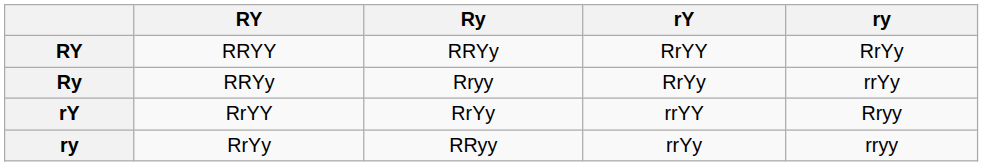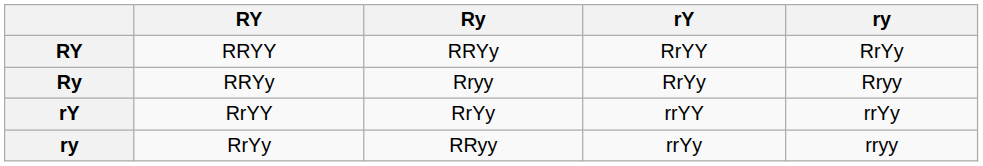 <table class="wikitable" style="text-align:center; width:50%">
 <tr>
 <th></th>
 <th>RY</th>
 <th>Ry</th>
 <th>rY</th>
 <th>ry</th>
 </tr>
 <tr>
 <th>RY</th>
 <td>RRYY</td>
 <td>RRYy</td>
 <td>RrYY</td>
 <td>RrYy</td>
 </tr>
 <tr>
 <th>Ry</th>
 <td>RRYy</td>
 <td>Rryy</td>
 <td>RrYy</td>
-<td>rrYy</td>
+<td>Rryy</td>
 </tr>
 <tr>
 <th>rY</th>
 <td>RrYY</td>
 <td>RrYy</td>
 <td>rrYY</td>
-<td>Rryy</td>
+<td>rrYy</td>
 </tr>
 <tr>
 <th>ry</th>
 <td>RrYy</td>
 <td>RRyy</td>
 <td>rrYy</td>
 <td>rryy</td>
 </tr>
 </table>
